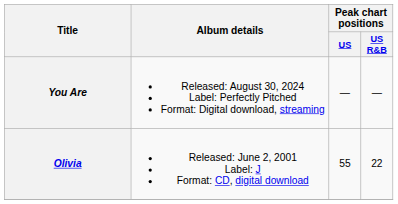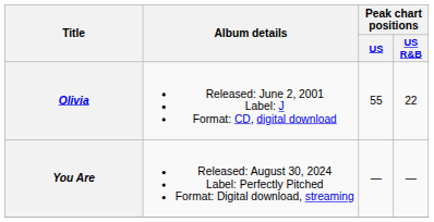 <table class="wikitable plainrowheaders" style="text-align:center;">
 <tr>
 <th scope="col" rowspan="2" style="width:12em;">Title</th>
 <th scope="col" rowspan="2" style="width:19em;">Album details</th>
 <th scope="col" colspan="2">Peak chart positions</th>
 </tr>
 <tr>
 <th scope="col" style="width:3em;font-size:90%;"><a href='#'>US</a><br></th>
 <th scope="col" style="width:3em;font-size:90%;"><a href='#'>US<br>R&B</a><br></th>
 </tr>
 <tr>
+<th scope="row"><em><a href='#'>Olivia</a></em></th>
+<td><br><ul><li>Released: June 2, 2001</li><li>Label: <a href='#'>J</a></li><li>Format: <a href='#'>CD</a>, <a href='#'>digital download</a></li></ul></td>
+<td>55</td>
+<td>22</td>
+</tr>
+<tr>
 <th scope="row"><em>You Are</em></th>
 <td><br><ul><li>Released: August 30, 2024</li><li>Label: Perfectly Pitched</li><li>Format: Digital download, <a href='#'>streaming</a></li></ul></td>
 <td>—</td>
 <td>—</td>
 </tr>
 <tr>
-<th scope="row"><em><a href='#'>Olivia</a></em></th>
-<td><br><ul><li>Released: June 2, 2001</li><li>Label: <a href='#'>J</a></li><li>Format: <a href='#'>CD</a>, <a href='#'>digital download</a></li></ul></td>
-<td>55</td>
-<td>22</td>
-</tr>
-<tr>
 </tr>
 </table>
